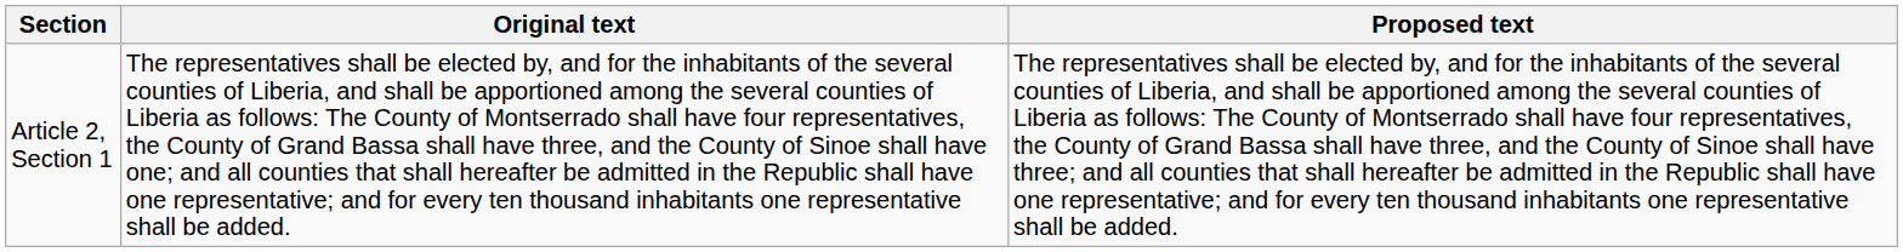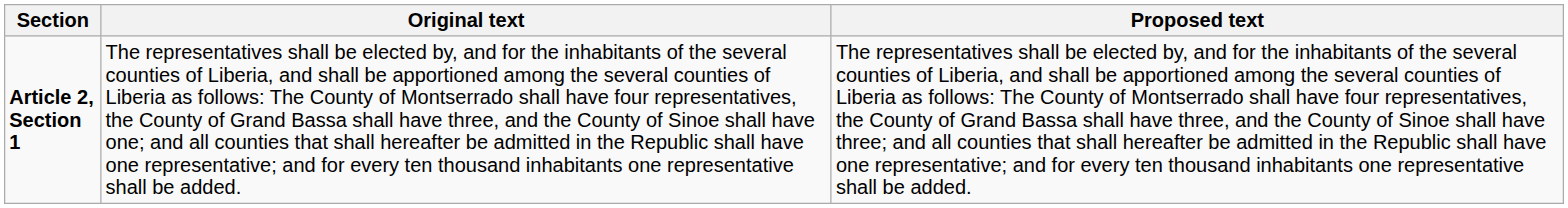 <table class=wikitable>
 <tr>
 <th>Section</th>
 <th>Original text</th>
 <th>Proposed text</th>
 </tr>
 <tr>
-<td> Article 2, Section 1</td>
+<td><strong> Article 2, Section 1</strong></td>
 <td>The representatives shall be elected by, and for the inhabitants of the several counties of Liberia, and shall be apportioned among the several counties of Liberia as follows: The County of Montserrado shall have four representatives, the County of Grand Bassa shall have three, and the County of Sinoe shall have <span>one</span>; and all counties that shall hereafter be admitted in the Republic shall have one representative; and for every ten thousand inhabitants one representative shall be added.</td>
 <td>The representatives shall be elected by, and for the inhabitants of the several counties of Liberia, and shall be apportioned among the several counties of Liberia as follows: The County of Montserrado shall have four representatives, the County of Grand Bassa shall have three, and the County of Sinoe shall have <span>three</span>; and all counties that shall hereafter be admitted in the Republic shall have one representative; and for every ten thousand inhabitants one representative shall be added.</td>
 </tr>
 </table>
